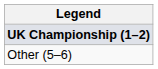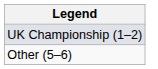 <table class="wikitable">
 <tr>
 <th>Legend</th>
 </tr>
 <tr bgcolor="dfe2e9">
-<td><strong>UK Championship (1–2)</strong></td>
+<td>UK Championship (1–2)</td>
 </tr>
 <tr bgcolor=>
 <td>Other (5–6)</td>
 </tr>
 </table>
